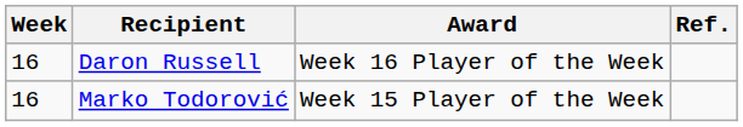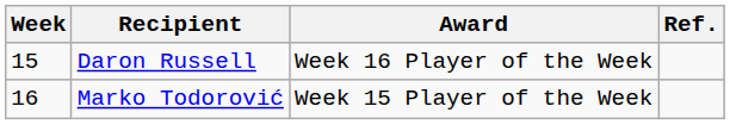 <table class="wikitable">
 <tr>
 <th>Week</th>
 <th>Recipient</th>
 <th>Award</th>
 <th>Ref.</th>
 </tr>
 <tr>
-<td>16</td>
+<td>15</td>
 <td><a href='#'>Daron Russell</a></td>
 <td>Week 16 Player of the Week</td>
 <td></td>
 </tr>
 <tr>
 <td>16</td>
 <td><a href='#'>Marko Todorović</a></td>
 <td>Week 15 Player of the Week</td>
 <td></td>
 </tr>
 </table>
